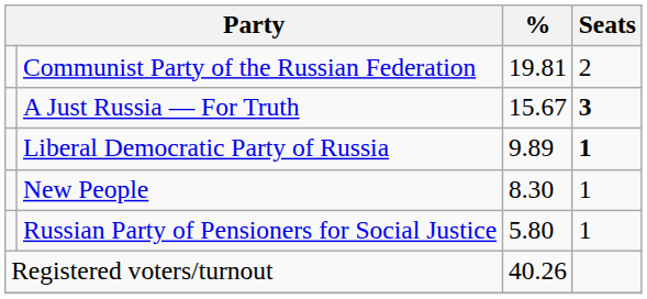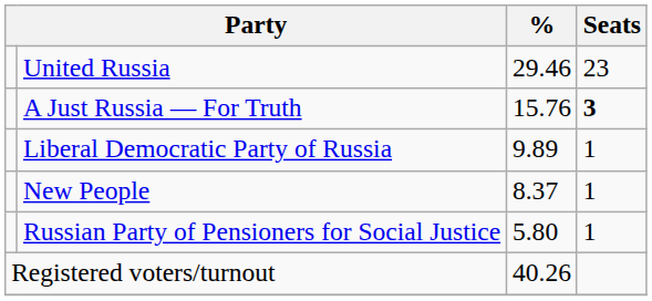 <table class="wikitable">
 <tr>
 <th colspan=2>Party</th>
 <th>%</th>
 <th>Seats</th>
 </tr>
 <tr>
 <td style="background:"></td>
-<td><a href='#'>Communist Party of the Russian Federation</a></td>
-<td>19.81</td>
-<td>2</td>
+<td><a href='#'>United Russia</a></td>
+<td>29.46</td>
+<td>23</td>
 </tr>
 <tr>
 <td style="background:"></td>
 <td><a href='#'>A Just Russia — For Truth</a></td>
-<td>15.67</td>
+<td>15.76</td>
 <td><strong>3</strong></td>
 </tr>
 <tr>
 <td style="background:"></td>
 <td><a href='#'>Liberal Democratic Party of Russia</a></td>
 <td>9.89</td>
-<td><strong>1</strong></td>
+<td>1</td>
 </tr>
 <tr>
 <td style="background:"></td>
 <td><a href='#'>New People</a></td>
-<td>8.30</td>
+<td>8.37</td>
 <td>1</td>
 </tr>
 <tr>
 <td style="background:"></td>
 <td><a href='#'>Russian Party of Pensioners for Social Justice</a></td>
 <td>5.80</td>
 <td>1</td>
 </tr>
 <tr>
 <td align=left colspan=2>Registered voters/turnout</td>
 <td>40.26</td>
 <td></td>
 </tr>
 <tr>
 </tr>
 </table>
